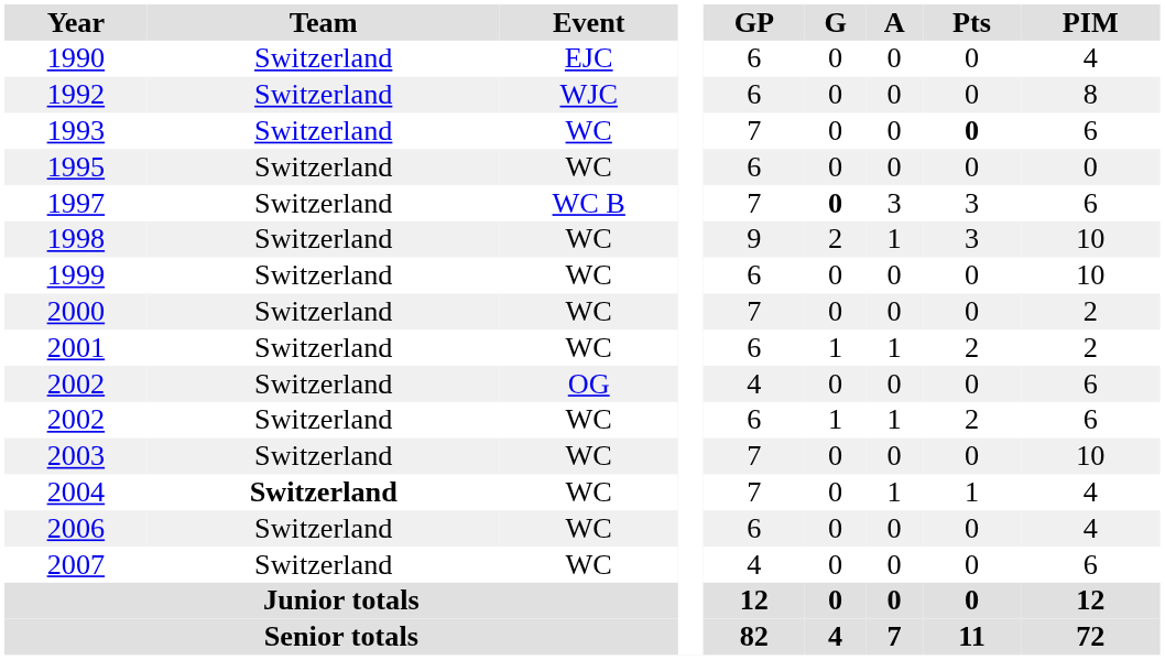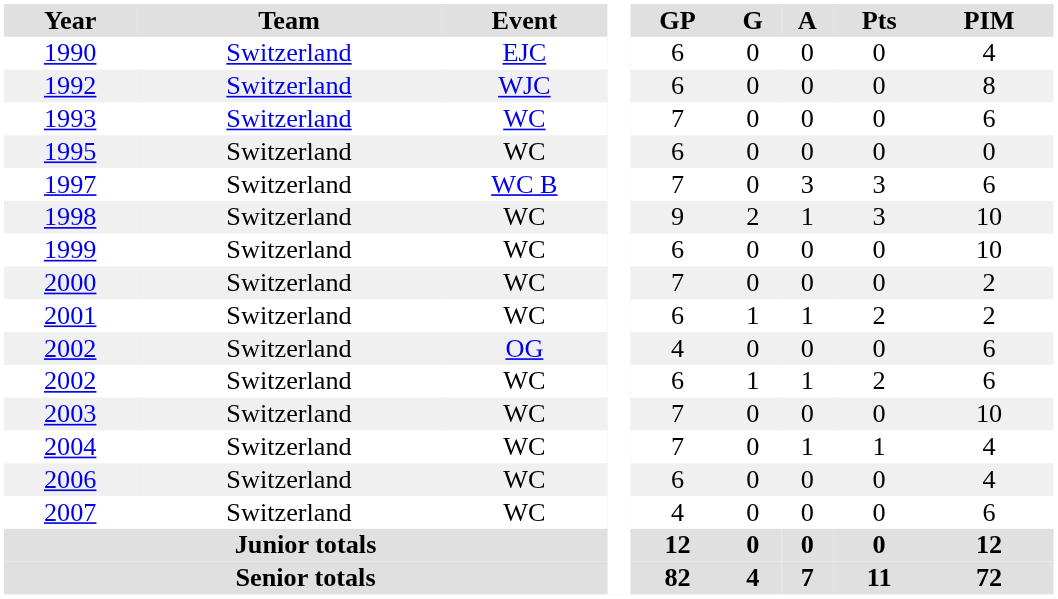 <table border="0" cellpadding="1" cellspacing="0" style="text-align:center; width:40em">
 <tr ALIGN="center" bgcolor="#e0e0e0">
 <th>Year</th>
 <th>Team</th>
 <th>Event</th>
 <th ALIGN="center" rowspan="99" bgcolor="#ffffff"> </th>
 <th>GP</th>
 <th>G</th>
 <th>A</th>
 <th>Pts</th>
 <th>PIM</th>
 </tr>
 <tr>
 <td><a href='#'>1990</a></td>
 <td><a href='#'>Switzerland</a></td>
 <td><a href='#'>EJC</a></td>
 <td>6</td>
 <td>0</td>
 <td>0</td>
 <td>0</td>
 <td>4</td>
 </tr>
 <tr bgcolor="#f0f0f0">
 <td><a href='#'>1992</a></td>
 <td><a href='#'>Switzerland</a></td>
 <td><a href='#'>WJC</a></td>
 <td>6</td>
 <td>0</td>
 <td>0</td>
 <td>0</td>
 <td>8</td>
 </tr>
 <tr>
 <td><a href='#'>1993</a></td>
 <td><a href='#'>Switzerland</a></td>
 <td><a href='#'>WC</a></td>
 <td>7</td>
 <td>0</td>
 <td>0</td>
-<td><strong>0</strong></td>
+<td>0</td>
 <td>6</td>
 </tr>
 <tr bgcolor="#f0f0f0">
 <td><a href='#'>1995</a></td>
 <td>Switzerland</td>
 <td>WC</td>
 <td>6</td>
 <td>0</td>
 <td>0</td>
 <td>0</td>
 <td>0</td>
 </tr>
 <tr>
 <td><a href='#'>1997</a></td>
 <td>Switzerland</td>
 <td><a href='#'>WC B</a></td>
 <td>7</td>
-<td><strong>0</strong></td>
+<td>0</td>
 <td>3</td>
 <td>3</td>
 <td>6</td>
 </tr>
 <tr bgcolor="#f0f0f0">
 <td><a href='#'>1998</a></td>
 <td>Switzerland</td>
 <td>WC</td>
 <td>9</td>
 <td>2</td>
 <td>1</td>
 <td>3</td>
 <td>10</td>
 </tr>
 <tr>
 <td><a href='#'>1999</a></td>
 <td>Switzerland</td>
 <td>WC</td>
 <td>6</td>
 <td>0</td>
 <td>0</td>
 <td>0</td>
 <td>10</td>
 </tr>
 <tr bgcolor="#f0f0f0">
 <td><a href='#'>2000</a></td>
 <td>Switzerland</td>
 <td>WC</td>
 <td>7</td>
 <td>0</td>
 <td>0</td>
 <td>0</td>
 <td>2</td>
 </tr>
 <tr>
 <td><a href='#'>2001</a></td>
 <td>Switzerland</td>
 <td>WC</td>
 <td>6</td>
 <td>1</td>
 <td>1</td>
 <td>2</td>
 <td>2</td>
 </tr>
 <tr bgcolor="#f0f0f0">
 <td><a href='#'>2002</a></td>
 <td>Switzerland</td>
 <td><a href='#'>OG</a></td>
 <td>4</td>
 <td>0</td>
 <td>0</td>
 <td>0</td>
 <td>6</td>
 </tr>
 <tr>
 <td><a href='#'>2002</a></td>
 <td>Switzerland</td>
 <td>WC</td>
 <td>6</td>
 <td>1</td>
 <td>1</td>
 <td>2</td>
 <td>6</td>
 </tr>
 <tr bgcolor="#f0f0f0">
 <td><a href='#'>2003</a></td>
 <td>Switzerland</td>
 <td>WC</td>
 <td>7</td>
 <td>0</td>
 <td>0</td>
 <td>0</td>
 <td>10</td>
 </tr>
 <tr>
 <td><a href='#'>2004</a></td>
-<td><strong>Switzerland</strong></td>
+<td>Switzerland</td>
 <td>WC</td>
 <td>7</td>
 <td>0</td>
 <td>1</td>
 <td>1</td>
 <td>4</td>
 </tr>
 <tr bgcolor="#f0f0f0">
 <td><a href='#'>2006</a></td>
 <td>Switzerland</td>
 <td>WC</td>
 <td>6</td>
 <td>0</td>
 <td>0</td>
 <td>0</td>
 <td>4</td>
 </tr>
 <tr>
 <td><a href='#'>2007</a></td>
 <td>Switzerland</td>
 <td>WC</td>
 <td>4</td>
 <td>0</td>
 <td>0</td>
 <td>0</td>
 <td>6</td>
 </tr>
 <tr bgcolor="#e0e0e0">
 <th colspan="3">Junior totals</th>
 <th>12</th>
 <th>0</th>
 <th>0</th>
 <th>0</th>
 <th>12</th>
 </tr>
 <tr bgcolor="#e0e0e0">
 <th colspan="3">Senior totals</th>
 <th>82</th>
 <th>4</th>
 <th>7</th>
 <th>11</th>
 <th>72</th>
 </tr>
 </table>
